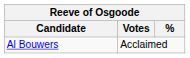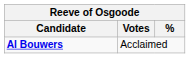 <table class="wikitable">
 <tr>
 <th colspan="3">Reeve of Osgoode</th>
 </tr>
 <tr>
 <th style="width: 170px">Candidate</th>
 <th style="width: 50px">Votes</th>
 <th style="width: 40px">%</th>
 </tr>
 <tr>
-<td><a href='#'>Al Bouwers</a></td>
+<td><strong><a href='#'>Al Bouwers</a></strong></td>
 <td colspan="2">Acclaimed</td>
 </tr>
 </table>
